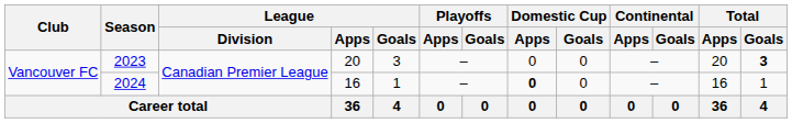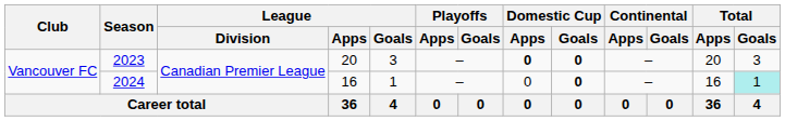 <table class="wikitable" style="text-align: center">
 <tr>
 <th rowspan="2">Club</th>
 <th rowspan="2">Season</th>
 <th colspan="3">League</th>
 <th colspan="2">Playoffs</th>
 <th colspan="2">Domestic Cup</th>
 <th colspan="2">Continental</th>
 <th colspan="2">Total</th>
 </tr>
 <tr>
 <th>Division</th>
 <th>Apps</th>
 <th>Goals</th>
 <th>Apps</th>
 <th>Goals</th>
 <th>Apps</th>
 <th>Goals</th>
 <th>Apps</th>
 <th>Goals</th>
 <th>Apps</th>
 <th>Goals</th>
 </tr>
 <tr>
 <td rowspan="2"><a href='#'>Vancouver FC</a></td>
 <td><a href='#'>2023</a></td>
 <td rowspan="2"><a href='#'>Canadian Premier League</a></td>
 <td>20</td>
 <td>3</td>
 <td colspan="2">–</td>
-<td>0</td>
-<td>0</td>
+<td><strong>0</strong></td>
+<td><strong>0</strong></td>
 <td colspan="2">–</td>
 <td>20</td>
-<td><strong>3</strong></td>
+<td>3</td>
 </tr>
 <tr>
 <td><a href='#'>2024</a></td>
 <td>16</td>
 <td>1</td>
 <td colspan="2">–</td>
+<td>0</td>
 <td><strong>0</strong></td>
-<td>0</td>
 <td colspan="2">–</td>
 <td>16</td>
-<td>1</td>
+<td style="background: paleturquoise;">1</td>
 </tr>
 <tr>
 <th colspan="3"><strong>Career total</strong></th>
 <th>36</th>
 <th>4</th>
 <th>0</th>
 <th>0</th>
 <th>0</th>
 <th>0</th>
 <th>0</th>
 <th>0</th>
 <th>36</th>
 <th>4</th>
 </tr>
 </table>
